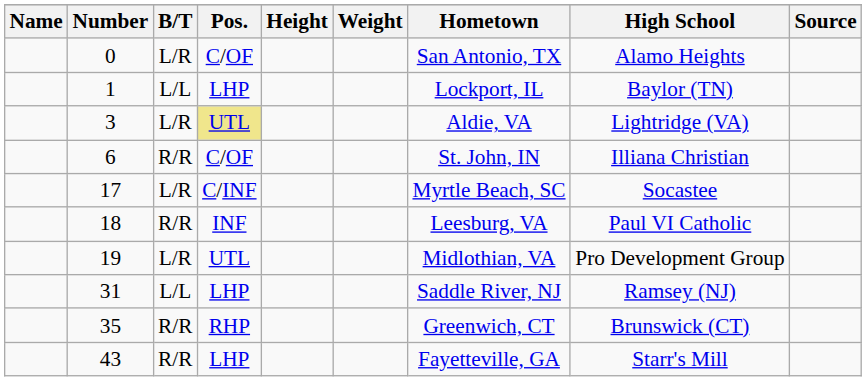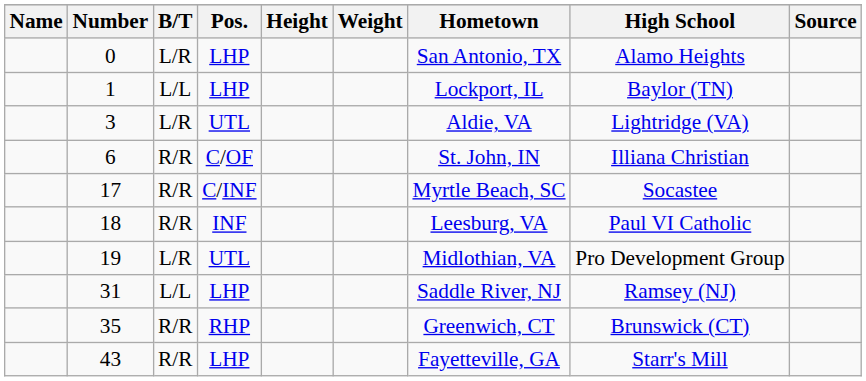 <table class="wikitable sortable collapsible">
 <tr>
 </tr>
 <tr>
 <th style="text-align:center; ">Name</th>
 <th style="text-align:center; ">Number</th>
 <th style="text-align:center; ">B/T</th>
 <th style="text-align:center; ">Pos.</th>
 <th style="text-align:center; ">Height</th>
 <th style="text-align:center; ">Weight</th>
 <th style="text-align:center; ">Hometown</th>
 <th style="text-align:center; ">High School</th>
 <th style="text-align:center; ">Source</th>
 </tr>
 <tr align="center">
 <td></td>
 <td>0</td>
 <td>L/R</td>
-<td><a href='#'>C</a>/<a href='#'>OF</a></td>
+<td><a href='#'>LHP</a></td>
 <td></td>
 <td></td>
 <td><a href='#'>San Antonio, TX</a></td>
 <td><a href='#'>Alamo Heights</a></td>
 <td></td>
 </tr>
 <tr align="center">
 <td></td>
 <td>1</td>
 <td>L/L</td>
 <td><a href='#'>LHP</a></td>
 <td></td>
 <td></td>
 <td><a href='#'>Lockport, IL</a></td>
 <td><a href='#'>Baylor (TN)</a></td>
 <td></td>
 </tr>
 <tr align="center">
 <td></td>
 <td>3</td>
 <td>L/R</td>
-<td style="background: khaki;"><a href='#'>UTL</a></td>
+<td><a href='#'>UTL</a></td>
 <td></td>
 <td></td>
 <td><a href='#'>Aldie, VA</a></td>
 <td><a href='#'>Lightridge (VA)</a></td>
 <td></td>
 </tr>
 <tr align="center">
 <td></td>
 <td>6</td>
 <td>R/R</td>
 <td><a href='#'>C</a>/<a href='#'>OF</a></td>
 <td></td>
 <td></td>
 <td><a href='#'>St. John, IN</a></td>
 <td><a href='#'>Illiana Christian</a></td>
 <td></td>
 </tr>
 <tr align="center">
 <td></td>
 <td>17</td>
-<td>L/R</td>
+<td>R/R</td>
 <td><a href='#'>C</a>/<a href='#'>INF</a></td>
 <td></td>
 <td></td>
 <td><a href='#'>Myrtle Beach, SC</a></td>
 <td><a href='#'>Socastee</a></td>
 <td></td>
 </tr>
 <tr align="center">
 <td></td>
 <td>18</td>
 <td>R/R</td>
 <td><a href='#'>INF</a></td>
 <td></td>
 <td></td>
 <td><a href='#'>Leesburg, VA</a></td>
 <td><a href='#'>Paul VI Catholic</a></td>
 <td></td>
 </tr>
 <tr align="center">
 <td></td>
 <td>19</td>
 <td>L/R</td>
 <td><a href='#'>UTL</a></td>
 <td></td>
 <td></td>
 <td><a href='#'>Midlothian, VA</a></td>
 <td>Pro Development Group</td>
 <td></td>
 </tr>
 <tr align="center">
 <td></td>
 <td>31</td>
 <td>L/L</td>
 <td><a href='#'>LHP</a></td>
 <td></td>
 <td></td>
 <td><a href='#'>Saddle River, NJ</a></td>
 <td><a href='#'>Ramsey (NJ)</a></td>
 <td></td>
 </tr>
 <tr align="center">
 <td></td>
 <td>35</td>
 <td>R/R</td>
 <td><a href='#'>RHP</a></td>
 <td></td>
 <td></td>
 <td><a href='#'>Greenwich, CT</a></td>
 <td><a href='#'>Brunswick (CT)</a></td>
 <td></td>
 </tr>
 <tr align="center">
 <td></td>
 <td>43</td>
 <td>R/R</td>
 <td><a href='#'>LHP</a></td>
 <td></td>
 <td></td>
 <td><a href='#'>Fayetteville, GA</a></td>
 <td><a href='#'>Starr's Mill</a></td>
 <td></td>
 </tr>
 </table>
